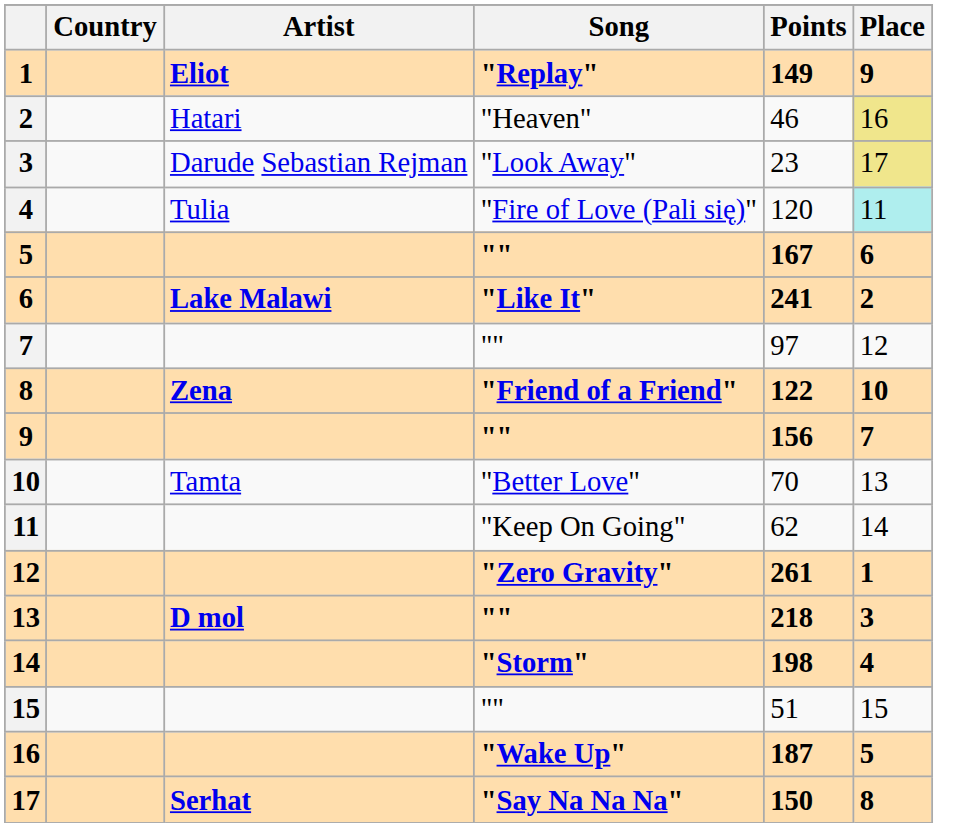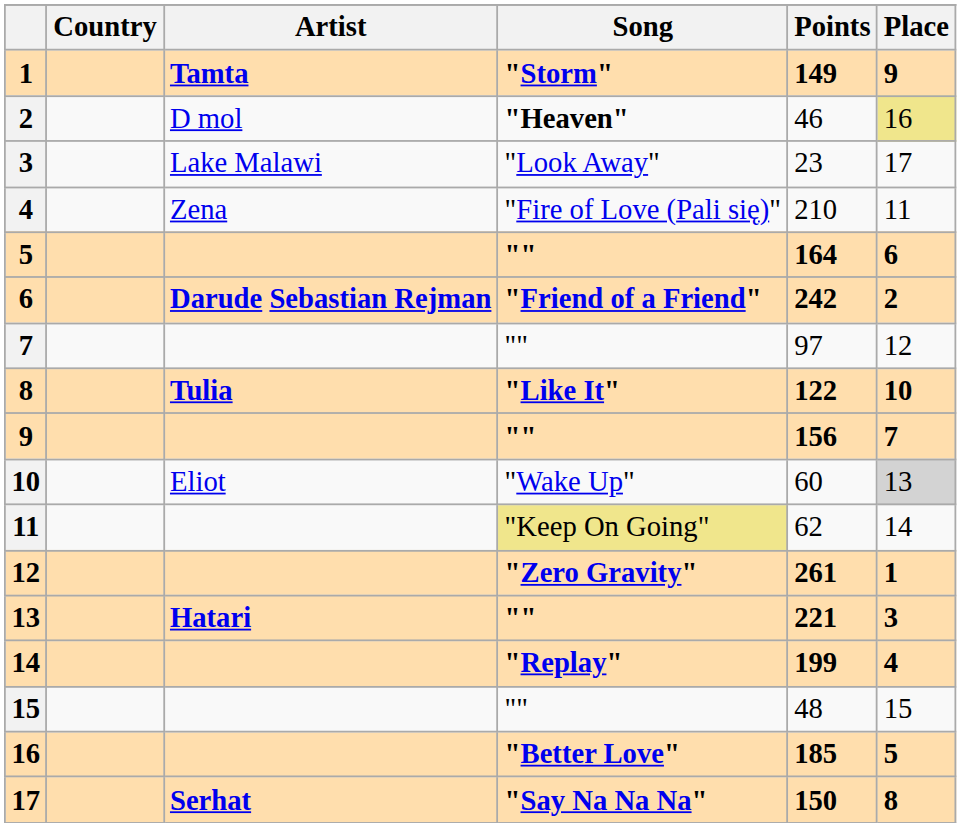 <table class="wikitable sortable plainrowheaders">
 <tr>
 </tr>
 <tr>
 <th scope="col"></th>
 <th scope="col">Country</th>
 <th scope="col">Artist</th>
 <th scope="col">Song</th>
 <th scope="col">Points</th>
 <th scope="col">Place</th>
 </tr>
 <tr style="font-weight:bold; background:navajowhite;">
 <th scope="row" style="text-align:center; font-weight:bold; background:navajowhite;">1</th>
 <td></td>
-<td><a href='#'>Eliot</a></td>
-<td>"<a href='#'>Replay</a>"</td>
+<td><a href='#'>Tamta</a></td>
+<td>"<a href='#'>Storm</a>"</td>
 <td>149</td>
 <td>9</td>
 </tr>
 <tr>
 <th scope="row" style="text-align:center;">2</th>
 <td></td>
-<td><a href='#'>Hatari</a></td>
-<td>"Heaven"</td>
+<td><a href='#'>D mol</a></td>
+<td><strong>"Heaven"</strong></td>
 <td>46</td>
 <td style="background: khaki;">16</td>
 </tr>
 <tr>
 <th scope="row" style="text-align:center;">3</th>
 <td></td>
-<td><a href='#'>Darude</a>  <a href='#'>Sebastian Rejman</a></td>
+<td><a href='#'>Lake Malawi</a></td>
 <td>"<a href='#'>Look Away</a>"</td>
 <td>23</td>
-<td style="background: khaki;">17</td>
+<td>17</td>
 </tr>
 <tr>
 <th scope="row" style="text-align:center;">4</th>
 <td></td>
-<td><a href='#'>Tulia</a></td>
+<td><a href='#'>Zena</a></td>
 <td>"<a href='#'>Fire of Love (<span>Pali się</span>)</a>"</td>
-<td>120</td>
-<td style="background: paleturquoise;">11</td>
+<td>210</td>
+<td>11</td>
 </tr>
 <tr style="font-weight:bold; background:navajowhite;">
 <th scope="row" style="text-align:center; font-weight:bold; background:navajowhite;">5</th>
 <td></td>
 <td></td>
 <td>""</td>
-<td>167</td>
+<td>164</td>
 <td>6</td>
 </tr>
 <tr style="font-weight:bold; background:navajowhite;">
 <th scope="row" style="text-align:center; font-weight:bold; background:navajowhite;">6</th>
 <td></td>
-<td><a href='#'>Lake Malawi</a></td>
-<td>"<a href='#'>Like It</a>"</td>
-<td>241</td>
+<td><a href='#'>Darude</a>  <a href='#'>Sebastian Rejman</a></td>
+<td>"<a href='#'>Friend of a Friend</a>"</td>
+<td>242</td>
 <td>2</td>
 </tr>
 <tr>
 <th scope="row" style="text-align:center;">7</th>
 <td></td>
 <td></td>
 <td>""</td>
 <td>97</td>
 <td>12</td>
 </tr>
 <tr style="font-weight:bold; background:navajowhite;">
 <th scope="row" style="text-align:center; font-weight:bold; background:navajowhite;">8</th>
 <td></td>
-<td><a href='#'>Zena</a></td>
-<td>"<a href='#'>Friend of a Friend</a>"</td>
+<td><a href='#'>Tulia</a></td>
+<td>"<a href='#'>Like It</a>"</td>
 <td>122</td>
 <td>10</td>
 </tr>
 <tr style="font-weight:bold; background:navajowhite;">
 <th scope="row" style="text-align:center; font-weight:bold; background:navajowhite;">9</th>
 <td></td>
 <td></td>
 <td>""</td>
 <td>156</td>
 <td>7</td>
 </tr>
 <tr>
 <th scope="row" style="text-align:center;">10</th>
 <td></td>
-<td><a href='#'>Tamta</a></td>
-<td>"<a href='#'>Better Love</a>"</td>
-<td>70</td>
-<td>13</td>
+<td><a href='#'>Eliot</a></td>
+<td>"<a href='#'>Wake Up</a>"</td>
+<td>60</td>
+<td style="background: lightgrey;">13</td>
 </tr>
 <tr>
 <th scope="row" style="text-align:center;">11</th>
 <td></td>
 <td></td>
-<td>"Keep On Going"</td>
+<td style="background: khaki;">"Keep On Going"</td>
 <td>62</td>
 <td>14</td>
 </tr>
 <tr style="font-weight:bold; background:navajowhite;">
 <th scope="row" style="text-align:center; font-weight:bold; background:navajowhite;">12</th>
 <td></td>
 <td></td>
 <td>"<a href='#'>Zero Gravity</a>"</td>
 <td>261</td>
 <td>1</td>
 </tr>
 <tr style="font-weight:bold; background:navajowhite;">
 <th scope="row" style="text-align:center; font-weight:bold; background:navajowhite;">13</th>
 <td></td>
-<td><a href='#'>D mol</a></td>
+<td><a href='#'>Hatari</a></td>
 <td>""</td>
-<td>218</td>
+<td>221</td>
 <td>3</td>
 </tr>
 <tr style="font-weight:bold; background:navajowhite;">
 <th scope="row" style="text-align:center; font-weight:bold; background:navajowhite;">14</th>
 <td></td>
 <td></td>
-<td>"<a href='#'>Storm</a>"</td>
-<td>198</td>
+<td>"<a href='#'>Replay</a>"</td>
+<td>199</td>
 <td>4</td>
 </tr>
 <tr>
 <th scope="row" style="text-align:center;">15</th>
 <td></td>
 <td></td>
 <td>""</td>
-<td>51</td>
+<td>48</td>
 <td>15</td>
 </tr>
 <tr style="font-weight:bold; background:navajowhite;">
 <th scope="row" style="text-align:center; font-weight:bold; background:navajowhite;">16</th>
 <td></td>
 <td></td>
-<td>"<a href='#'>Wake Up</a>"</td>
-<td>187</td>
+<td>"<a href='#'>Better Love</a>"</td>
+<td>185</td>
 <td>5</td>
 </tr>
 <tr style="font-weight:bold; background:navajowhite;">
 <th scope="row" style="text-align:center; font-weight:bold; background:navajowhite;">17</th>
 <td></td>
 <td><a href='#'>Serhat</a></td>
 <td>"<a href='#'>Say Na Na Na</a>"</td>
 <td>150</td>
 <td>8</td>
 </tr>
 </table>
